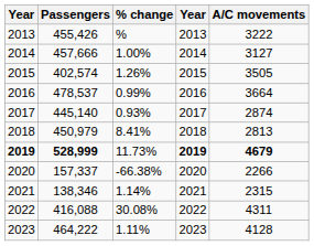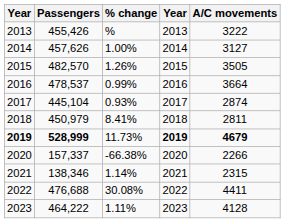 <table class="wikitable" style="font-size:100%">
 <tr>
 <th><strong>Year</strong></th>
 <th>Passengers</th>
 <th>% change</th>
 <th><strong>Year</strong></th>
 <th>A/C movements</th>
 </tr>
 <tr>
 <td>2013</td>
 <td style="text-align:center;">455,426</td>
 <td> %</td>
 <td>2013</td>
 <td style="text-align:center;">3222</td>
 </tr>
 <tr>
 <td>2014</td>
-<td style="text-align:center;">457,666</td>
+<td style="text-align:center;">457,626</td>
 <td> 1.00%</td>
 <td>2014</td>
 <td style="text-align:center;">3127</td>
 </tr>
 <tr>
 <td>2015</td>
-<td style="text-align:center;">402,574</td>
+<td style="text-align:center;">482,570</td>
 <td> 1.26%</td>
 <td>2015</td>
 <td style="text-align:center;">3505</td>
 </tr>
 <tr>
 <td>2016</td>
 <td style="text-align:center;">478,537</td>
 <td> 0.99%</td>
 <td>2016</td>
 <td style="text-align:center;">3664</td>
 </tr>
 <tr>
 <td>2017</td>
-<td style="text-align:center;">445,140</td>
+<td style="text-align:center;">445,104</td>
 <td> 0.93%</td>
 <td>2017</td>
 <td style="text-align:center;">2874</td>
 </tr>
 <tr>
 <td>2018</td>
 <td style="text-align:center;">450,979</td>
 <td> 8.41%</td>
 <td>2018</td>
-<td style="text-align:center;">2813</td>
+<td style="text-align:center;">2811</td>
 </tr>
 <tr>
 <td><strong>2019</strong></td>
 <td style="text-align:center;"><strong>528,999</strong></td>
 <td> 11.73%</td>
 <td><strong>2019</strong></td>
 <td style="text-align:center;"><strong>4679</strong></td>
 </tr>
 <tr>
 <td>2020</td>
 <td style="text-align:center;">157,337</td>
 <td> -66.38%</td>
 <td>2020</td>
 <td style="text-align:center;">2266</td>
 </tr>
 <tr>
 <td>2021</td>
 <td style="text-align:center;">138,346</td>
 <td> 1.14%</td>
 <td>2021</td>
 <td style="text-align:center;">2315</td>
 </tr>
 <tr>
 <td>2022</td>
-<td style="text-align:center;">416,088</td>
+<td style="text-align:center;">476,688</td>
 <td> 30.08%</td>
 <td>2022</td>
-<td style="text-align:center;">4311</td>
+<td style="text-align:center;">4411</td>
 </tr>
 <tr>
 <td>2023</td>
 <td style="text-align:center;">464,222</td>
 <td> 1.11%</td>
 <td>2023</td>
 <td style="text-align:center;">4128</td>
 </tr>
 </table>
